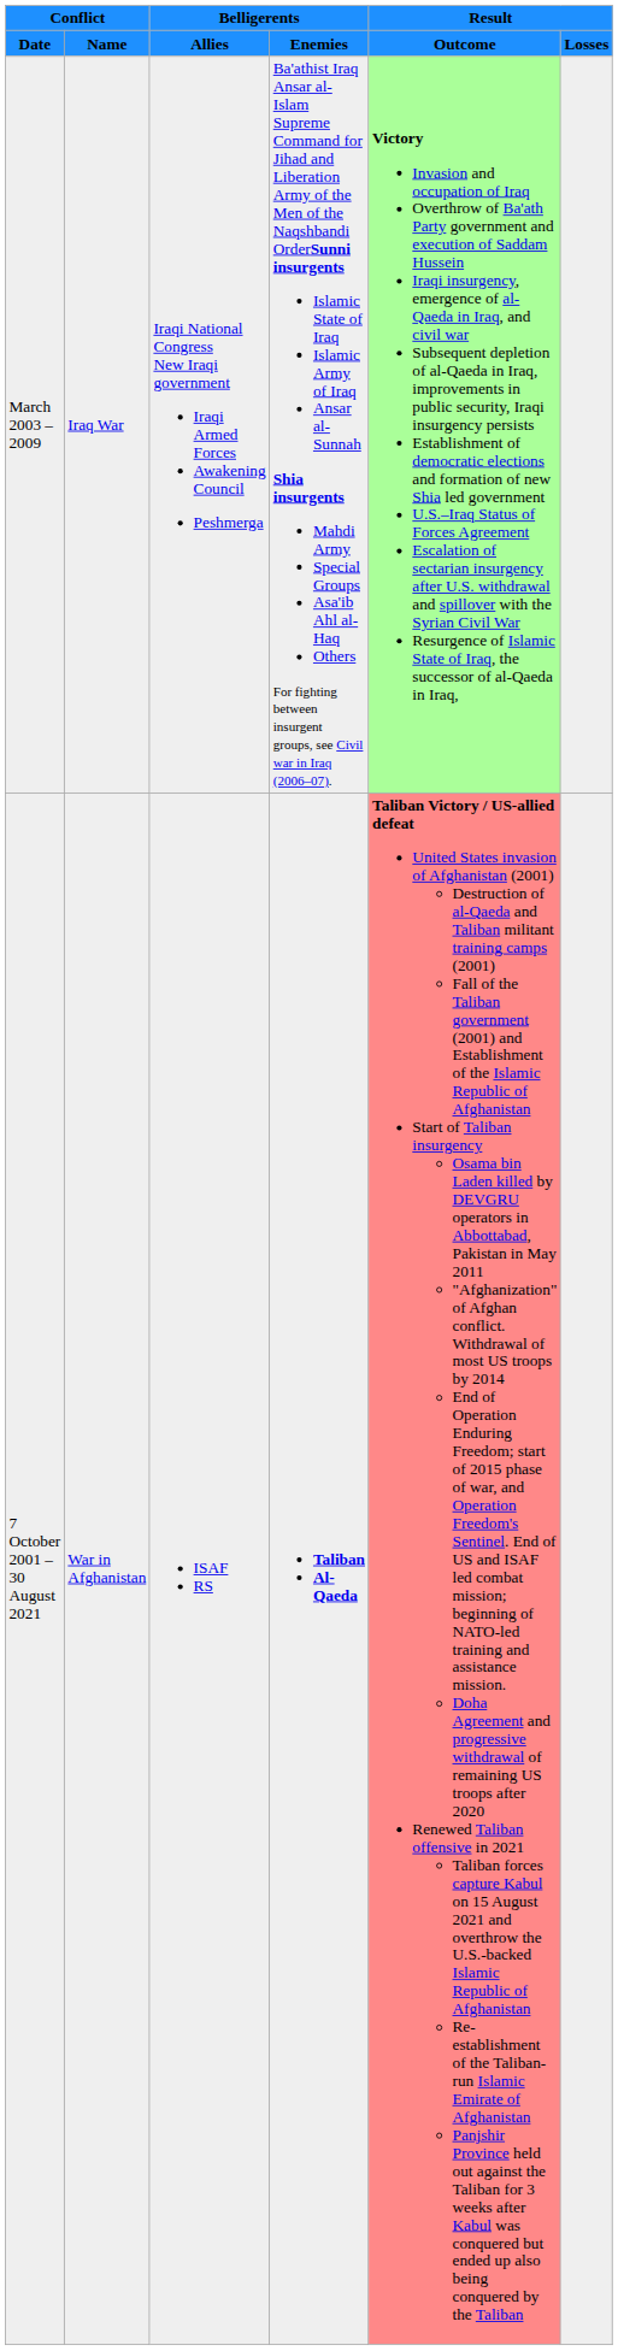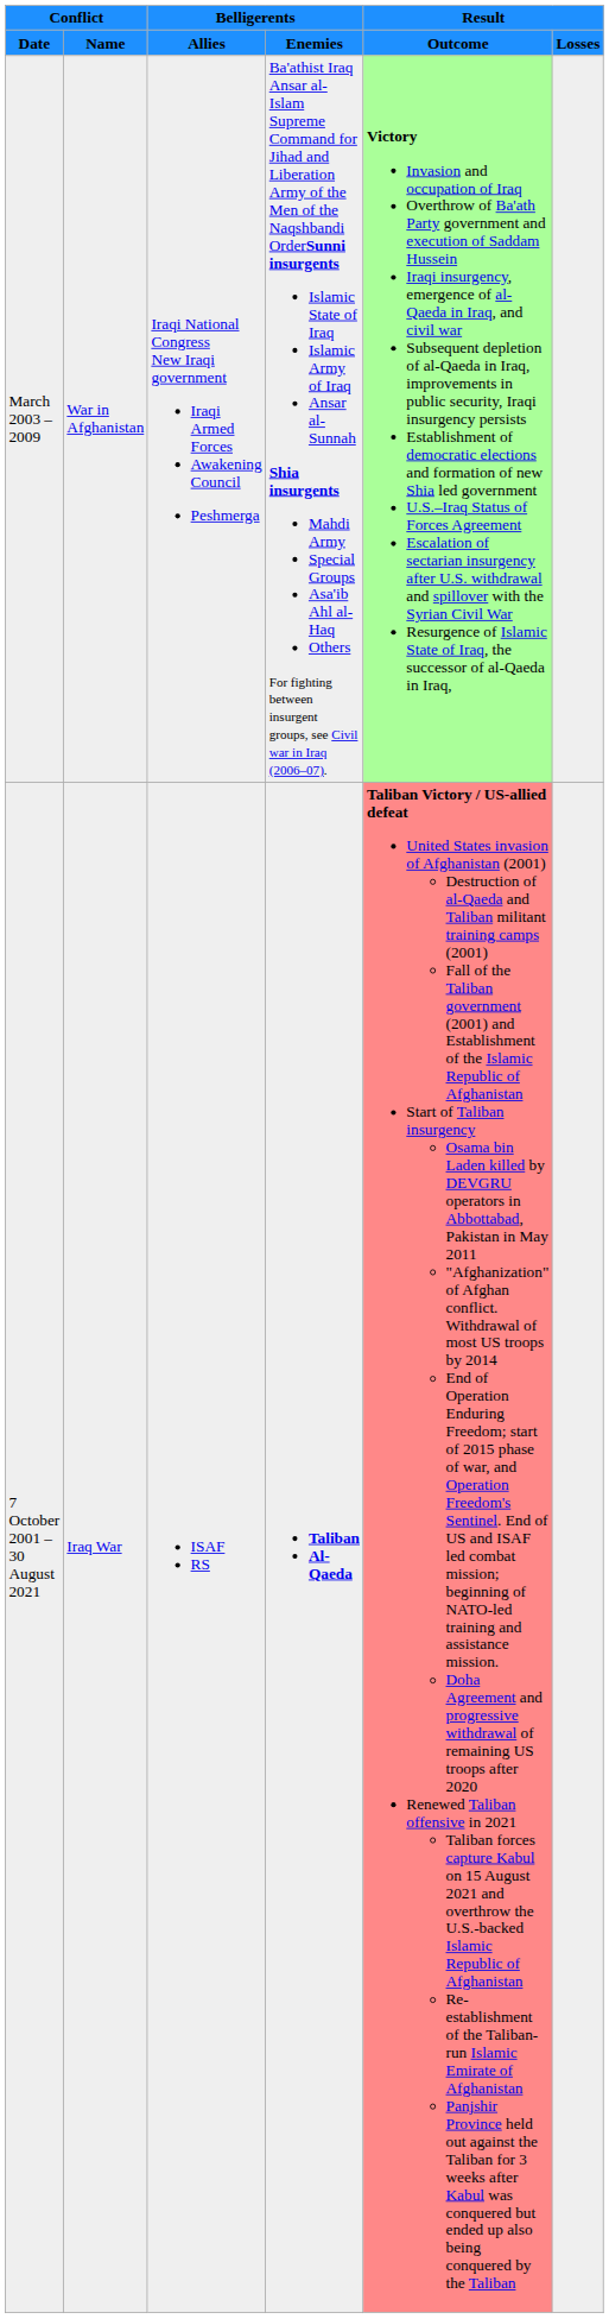 <table class="wikitable">
 <tr>
 <th colspan="2" style="background:#1e90ff"><span>Conflict</span></th>
 <th style="background:#1e90ff" colspan="2"><span>Belligerents</span></th>
 <th style="background:#1e90ff" colspan="2"><span>Result</span></th>
 </tr>
 <tr>
 <th style="background:#1e90ff" width=120px>Date</th>
 <th style="background:#1e90ff" width=100px>Name</th>
 <th style="background:#1e90ff" width=140px>Allies</th>
 <th style="background:#1e90ff" width=140px>Enemies</th>
 <th style="background:#1e90ff" width=270px>Outcome</th>
 <th style="background:#1e90ff" width=65px>Losses</th>
 </tr>
 <tr>
 <td style="background:#efefef">March 2003 – 2009</td>
-<td style="background:#efefef"><a href='#'>Iraq War</a></td>
+<td style="background:#efefef"><a href='#'>War in Afghanistan</a></td>
 <td style="background:#efefef"><br> <a href='#'>Iraqi National Congress</a><br>  <a href='#'>New Iraqi government</a><ul><li><a href='#'>Iraqi Armed Forces</a></li><li><a href='#'>Awakening Council</a></li></ul><ul><li><a href='#'>Peshmerga</a></li></ul></td>
 <td style="background:#efefef"> <a href='#'>Ba'athist Iraq</a><br> <a href='#'>Ansar al-Islam</a><br><a href='#'>Supreme Command for Jihad and Liberation</a><br><a href='#'>Army of the Men of the Naqshbandi Order</a><a href='#'><strong>Sunni insurgents</strong></a><ul><li> <a href='#'>Islamic State of Iraq</a></li><li><a href='#'>Islamic Army of Iraq</a></li><li><a href='#'>Ansar al-Sunnah</a></li></ul><a href='#'><strong>Shia insurgents</strong></a><ul><li> <a href='#'>Mahdi Army</a></li><li> <a href='#'>Special Groups</a></li><li><a href='#'>Asa'ib Ahl al-Haq</a></li><li><a href='#'>Others</a></li></ul><small>For fighting between insurgent groups, see <a href='#'>Civil war in Iraq (2006–07)</a>.</small></td>
 <td style="background:#AF9"><strong>Victory</strong><br><ul><li><a href='#'>Invasion</a> and <a href='#'>occupation of Iraq</a></li><li>Overthrow of <a href='#'>Ba'ath Party</a> government and <a href='#'>execution of Saddam Hussein</a></li><li><a href='#'>Iraqi insurgency</a>, emergence of <a href='#'>al-Qaeda in Iraq</a>, and <a href='#'>civil war</a></li><li>Subsequent depletion of al-Qaeda in Iraq, improvements in public security, Iraqi insurgency persists</li><li>Establishment of <a href='#'>democratic elections</a> and formation of new <a href='#'>Shia</a> led government</li><li><a href='#'>U.S.–Iraq Status of Forces Agreement</a></li><li><a href='#'>Escalation of sectarian insurgency after U.S. withdrawal</a> and <a href='#'>spillover</a> with the <a href='#'>Syrian Civil War</a></li><li>Resurgence of <a href='#'>Islamic State of Iraq</a>, the successor of al-Qaeda in Iraq,</li></ul></td>
 <td style="background:#efefef"></td>
 </tr>
 <tr>
 <td style="background:#efefef">7 October 2001 – 30 August 2021</td>
-<td style="background:#efefef"><a href='#'>War in Afghanistan</a></td>
+<td style="background:#efefef"><a href='#'>Iraq War</a></td>
 <td style="background:#efefef"><br><ul><li><a href='#'>ISAF</a></li><li><a href='#'>RS</a></li></ul></td>
 <td style="background:#efefef"><strong><br><ul><li><a href='#'>Taliban</a></li><li><a href='#'>Al-Qaeda</a></li></ul></strong></td>
 <td style="background:#F88 "><strong>Taliban Victory / US-allied defeat</strong><br><ul><li><a href='#'>United States invasion of Afghanistan</a> (2001)<ul><li>Destruction of <a href='#'>al-Qaeda</a> and <a href='#'>Taliban</a> militant <a href='#'>training camps</a> (2001)</li><li>Fall of the <a href='#'>Taliban government</a> (2001) and Establishment of the <a href='#'>Islamic Republic of Afghanistan</a></li></ul></li><li>Start of <a href='#'>Taliban insurgency</a><ul><li><a href='#'>Osama bin Laden killed</a> by <a href='#'>DEVGRU</a> operators in <a href='#'>Abbottabad</a>, Pakistan in May 2011</li><li>"Afghanization" of Afghan conflict. Withdrawal of most US troops by 2014</li><li>End of Operation Enduring Freedom; start of 2015 phase of war, and <a href='#'>Operation Freedom's Sentinel</a>. End of US and ISAF led combat mission; beginning of NATO-led training and assistance mission.</li><li><a href='#'>Doha Agreement</a> and <a href='#'>progressive withdrawal</a> of remaining US troops after 2020</li></ul></li><li>Renewed <a href='#'>Taliban offensive</a> in 2021<ul><li>Taliban forces <a href='#'>capture Kabul</a> on 15 August 2021 and overthrow the U.S.-backed <a href='#'>Islamic Republic of Afghanistan</a></li><li>Re-establishment of the Taliban-run <a href='#'>Islamic Emirate of Afghanistan</a></li><li><a href='#'>Panjshir Province</a> held out against the Taliban for 3 weeks after <a href='#'>Kabul</a> was conquered but ended up also being conquered by the <a href='#'>Taliban</a></li></ul></li></ul></td>
 <td style="background:#efefef"></td>
 </tr>
 </table>
